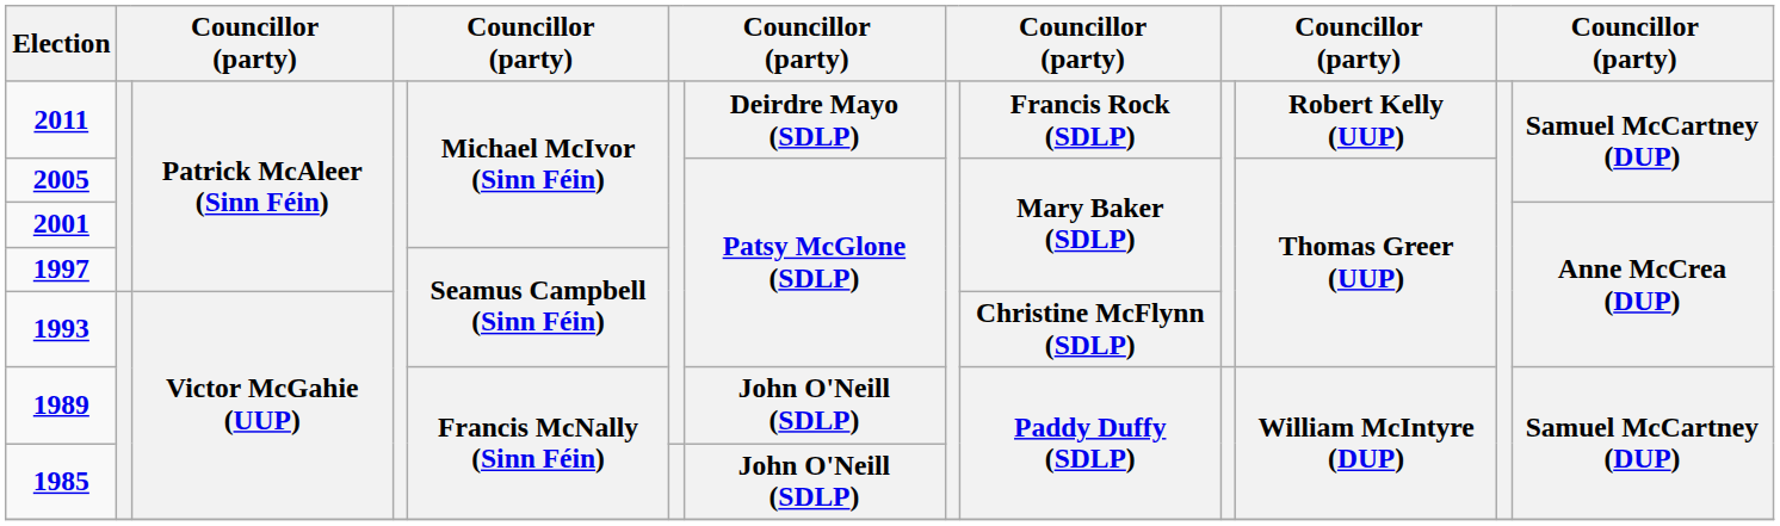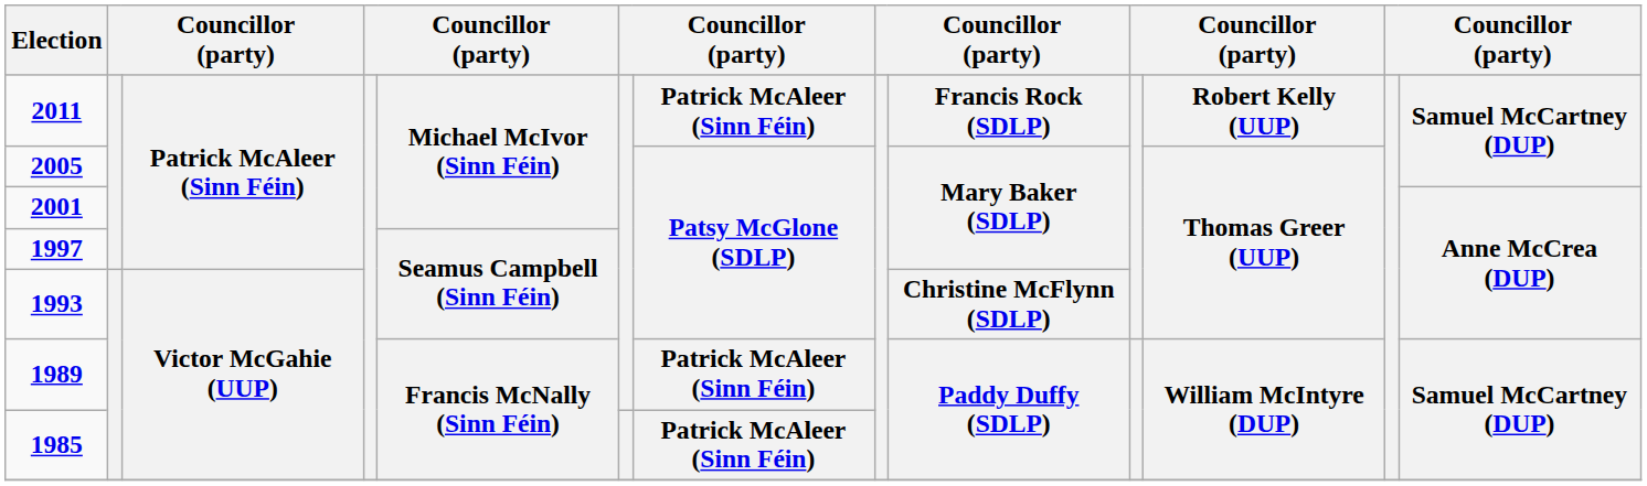 <table class="wikitable" style="text-align:center">
 <tr>
 <th scope="col" width="50">Election</th>
 <th scope="col" width="150" colspan = "2">Councillor<br> (party)</th>
 <th scope="col" width="150" colspan = "2">Councillor<br> (party)</th>
 <th scope="col" width="150" colspan = "2">Councillor<br> (party)</th>
 <th scope="col" width="150" colspan = "2">Councillor<br> (party)</th>
 <th scope="col" width="150" colspan = "2">Councillor<br> (party)</th>
 <th scope="col" width="150" colspan = "2">Councillor<br> (party)</th>
 </tr>
 <tr>
 <td><strong><a href='#'>2011</a></strong></td>
 <th rowspan="4" width="1" style="background-color: "></th>
 <th rowspan = "4">Patrick McAleer <br> (<a href='#'>Sinn Féin</a>)</th>
 <th rowspan="7" width="1" style="background-color: "></th>
 <th rowspan = "3">Michael McIvor <br> (<a href='#'>Sinn Féin</a>)</th>
 <th rowspan="6" width="1" style="background-color: "></th>
-<th rowspan = "1">Deirdre Mayo <br> (<a href='#'>SDLP</a>)</th>
+<th rowspan = "1">Patrick McAleer <br> (<a href='#'>Sinn Féin</a>)</th>
 <th rowspan="7" width="1" style="background-color: "></th>
 <th rowspan = "1">Francis Rock <br> (<a href='#'>SDLP</a>)</th>
 <th rowspan="5" width="1" style="background-color: "></th>
 <th rowspan = "1">Robert Kelly <br> (<a href='#'>UUP</a>)</th>
 <th rowspan="7" width="1" style="background-color: "></th>
 <th rowspan = "2">Samuel McCartney <br> (<a href='#'>DUP</a>)</th>
 </tr>
 <tr>
 <td><strong><a href='#'>2005</a></strong></td>
 <th rowspan = "4"><a href='#'>Patsy McGlone</a> <br> (<a href='#'>SDLP</a>)</th>
 <th rowspan = "3">Mary Baker <br> (<a href='#'>SDLP</a>)</th>
 <th rowspan = "4">Thomas Greer <br> (<a href='#'>UUP</a>)</th>
 </tr>
 <tr>
 <td><strong><a href='#'>2001</a></strong></td>
 <th rowspan = "3">Anne McCrea <br> (<a href='#'>DUP</a>)</th>
 </tr>
 <tr>
 <td><strong><a href='#'>1997</a></strong></td>
 <th rowspan = "2">Seamus Campbell <br> (<a href='#'>Sinn Féin</a>)</th>
 </tr>
 <tr>
 <td><strong><a href='#'>1993</a></strong></td>
 <th rowspan="3" width="1" style="background-color: "></th>
 <th rowspan = "3">Victor McGahie <br> (<a href='#'>UUP</a>)</th>
 <th rowspan = "1">Christine McFlynn <br> (<a href='#'>SDLP</a>)</th>
 </tr>
 <tr>
 <td><strong><a href='#'>1989</a></strong></td>
 <th rowspan = "2">Francis McNally <br> (<a href='#'>Sinn Féin</a>)</th>
-<th rowspan = "1">John O'Neill <br> (<a href='#'>SDLP</a>)</th>
+<th rowspan = "1">Patrick McAleer <br> (<a href='#'>Sinn Féin</a>)</th>
 <th rowspan = "2"><a href='#'>Paddy Duffy</a> <br> (<a href='#'>SDLP</a>)</th>
 <th rowspan="2" width="1" style="background-color: "></th>
 <th rowspan = "2">William McIntyre <br> (<a href='#'>DUP</a>)</th>
 <th rowspan = "2">Samuel McCartney <br> (<a href='#'>DUP</a>)</th>
 </tr>
 <tr>
 <td><strong><a href='#'>1985</a></strong></td>
 <th rowspan="1" width="1" style="background-color: "></th>
-<th rowspan = "1">John O'Neill <br> (<a href='#'>SDLP</a>)</th>
+<th rowspan = "1">Patrick McAleer <br> (<a href='#'>Sinn Féin</a>)</th>
 </tr>
 <tr>
 </tr>
 </table>
